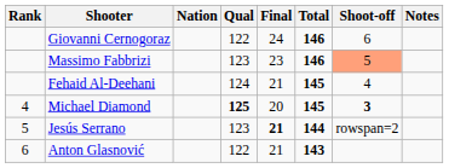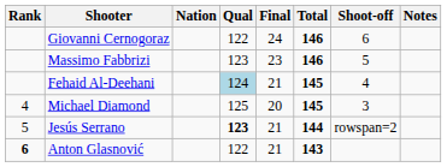 <table class="wikitable sortable" style="text-align:center">
 <tr>
 <th>Rank</th>
 <th>Shooter</th>
 <th>Nation</th>
 <th>Qual</th>
 <th>Final</th>
 <th>Total</th>
 <th>Shoot-off</th>
 <th>Notes</th>
 </tr>
 <tr>
 <td></td>
 <td align=left><a href='#'>Giovanni Cernogoraz</a></td>
 <td align=left></td>
 <td>122</td>
 <td>24</td>
 <td><strong>146</strong></td>
 <td>6</td>
 <td></td>
 </tr>
 <tr>
 <td></td>
 <td align=left><a href='#'>Massimo Fabbrizi</a></td>
 <td align=left></td>
 <td>123</td>
 <td>23</td>
 <td><strong>146</strong></td>
-<td style="background: lightsalmon;">5</td>
+<td>5</td>
 <td></td>
 </tr>
 <tr>
 <td></td>
 <td align=left><a href='#'>Fehaid Al-Deehani</a></td>
 <td align=left></td>
-<td>124</td>
+<td style="background: lightblue;">124</td>
 <td>21</td>
 <td><strong>145</strong></td>
 <td>4</td>
 <td></td>
 </tr>
 <tr>
 <td>4</td>
 <td align=left><a href='#'>Michael Diamond</a></td>
 <td align=left></td>
-<td><strong>125</strong></td>
+<td>125</td>
 <td>20</td>
 <td><strong>145</strong></td>
-<td><strong>3</strong></td>
+<td>3</td>
 <td></td>
 </tr>
 <tr>
 <td>5</td>
 <td align=left><a href='#'>Jesús Serrano</a></td>
 <td align=left></td>
-<td>123</td>
-<td><strong>21</strong></td>
+<td><strong>123</strong></td>
+<td>21</td>
 <td><strong>144</strong></td>
 <td>rowspan=2 </td>
 <td></td>
 </tr>
 <tr>
-<td>6</td>
+<td><strong>6</strong></td>
 <td align=left><a href='#'>Anton Glasnović</a></td>
 <td align=left></td>
 <td>122</td>
 <td>21</td>
 <td><strong>143</strong></td>
 <td></td>
 </tr>
 </table>
